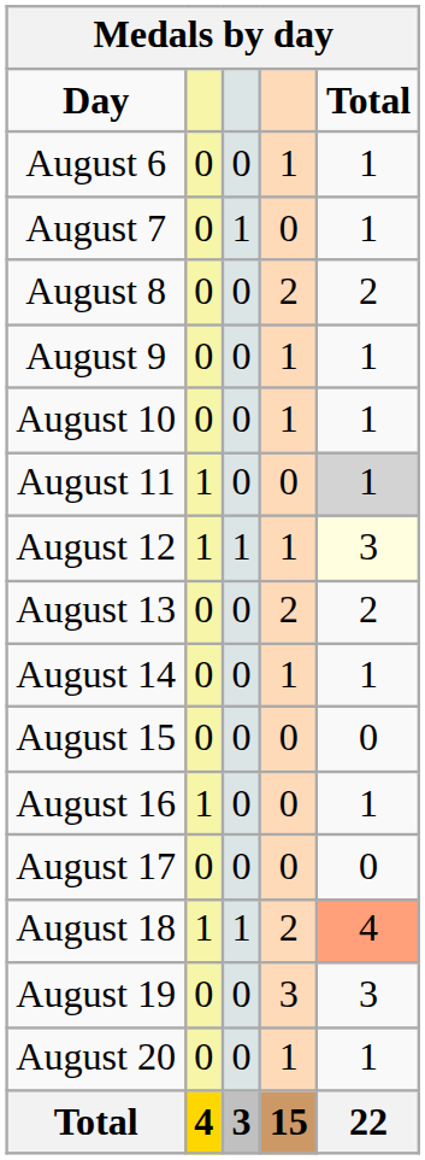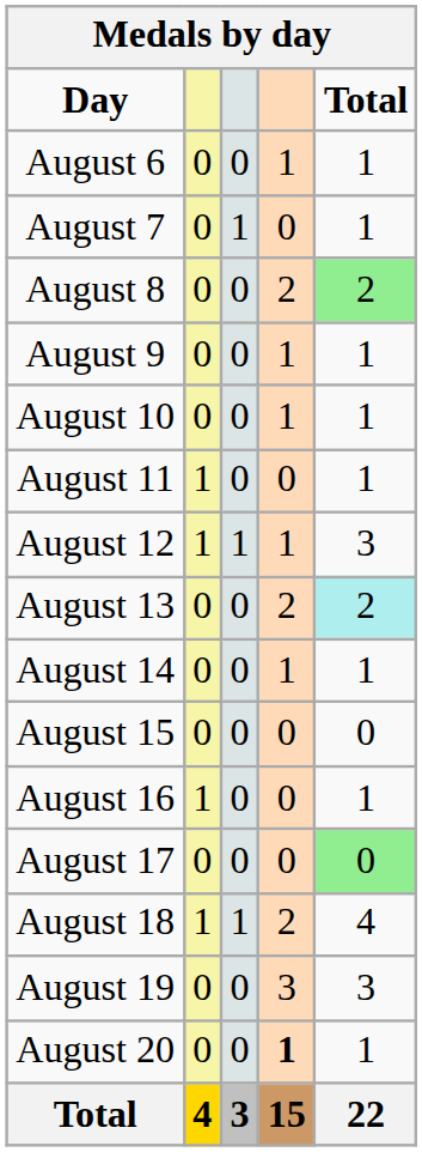 <table class="wikitable" style="font-size:85%; float:right">
 <tr align=center>
 <th colspan=7>Medals by day</th>
 </tr>
 <tr align=center>
 <td><strong>Day</strong></td>
 <td style="background:#f7f6a8;"></td>
 <td style="background:#dce5e5;"></td>
 <td style="background:#ffdab9;"></td>
 <td><strong>Total</strong></td>
 </tr>
 <tr align=center>
 <td>August 6</td>
 <td style="background:#f7f6a8;">0</td>
 <td style="background:#dce5e5;">0</td>
 <td style="background:#ffdab9;">1</td>
 <td>1</td>
 </tr>
 <tr align=center>
 <td>August 7</td>
 <td style="background:#f7f6a8;">0</td>
 <td style="background:#dce5e5;">1</td>
 <td style="background:#ffdab9;">0</td>
 <td>1</td>
 </tr>
 <tr align=center>
 <td>August 8</td>
 <td style="background:#f7f6a8;">0</td>
 <td style="background:#dce5e5;">0</td>
 <td style="background:#ffdab9;">2</td>
-<td>2</td>
+<td style="background: lightgreen;">2</td>
 </tr>
 <tr align=center>
 <td>August 9</td>
 <td style="background:#f7f6a8;">0</td>
 <td style="background:#dce5e5;">0</td>
 <td style="background:#ffdab9;">1</td>
 <td>1</td>
 </tr>
 <tr align=center>
 <td>August 10</td>
 <td style="background:#f7f6a8;">0</td>
 <td style="background:#dce5e5;">0</td>
 <td style="background:#ffdab9;">1</td>
 <td>1</td>
 </tr>
 <tr align=center>
 <td>August 11</td>
 <td style="background:#f7f6a8;">1</td>
 <td style="background:#dce5e5;">0</td>
 <td style="background:#ffdab9;">0</td>
-<td style="background: lightgrey;">1</td>
+<td>1</td>
 </tr>
 <tr align=center>
 <td>August 12</td>
 <td style="background:#f7f6a8;">1</td>
 <td style="background:#dce5e5;">1</td>
 <td style="background:#ffdab9;">1</td>
-<td style="background: lightyellow;">3</td>
+<td>3</td>
 </tr>
 <tr align=center>
 <td>August 13</td>
 <td style="background:#f7f6a8;">0</td>
 <td style="background:#dce5e5;">0</td>
 <td style="background:#ffdab9;">2</td>
-<td>2</td>
+<td style="background: paleturquoise;">2</td>
 </tr>
 <tr align=center>
 <td>August 14</td>
 <td style="background:#f7f6a8;">0</td>
 <td style="background:#dce5e5;">0</td>
 <td style="background:#ffdab9;">1</td>
 <td>1</td>
 </tr>
 <tr align=center>
 <td>August 15</td>
 <td style="background:#f7f6a8;">0</td>
 <td style="background:#dce5e5;">0</td>
 <td style="background:#ffdab9;">0</td>
 <td>0</td>
 </tr>
 <tr align=center>
 <td>August 16</td>
 <td style="background:#f7f6a8;">1</td>
 <td style="background:#dce5e5;">0</td>
 <td style="background:#ffdab9;">0</td>
 <td>1</td>
 </tr>
 <tr align=center>
 <td>August 17</td>
 <td style="background:#f7f6a8;">0</td>
 <td style="background:#dce5e5;">0</td>
 <td style="background:#ffdab9;">0</td>
-<td>0</td>
+<td style="background: lightgreen;">0</td>
 </tr>
 <tr align=center>
 <td>August 18</td>
 <td style="background:#f7f6a8;">1</td>
 <td style="background:#dce5e5;">1</td>
 <td style="background:#ffdab9;">2</td>
-<td style="background: lightsalmon;">4</td>
+<td>4</td>
 </tr>
 <tr align=center>
 <td>August 19</td>
 <td style="background:#f7f6a8;">0</td>
 <td style="background:#dce5e5;">0</td>
 <td style="background:#ffdab9;">3</td>
 <td>3</td>
 </tr>
 <tr align=center>
 <td>August 20</td>
 <td style="background:#f7f6a8;">0</td>
 <td style="background:#dce5e5;">0</td>
-<td style="background:#ffdab9;">1</td>
+<td style="background:#ffdab9;"><strong>1</strong></td>
 <td>1</td>
 </tr>
 <tr align=center>
 <th>Total</th>
 <th style="background:gold;">4</th>
 <th style="background:silver;">3</th>
 <th style="background:#c96;">15</th>
 <th>22</th>
 </tr>
 </table>
